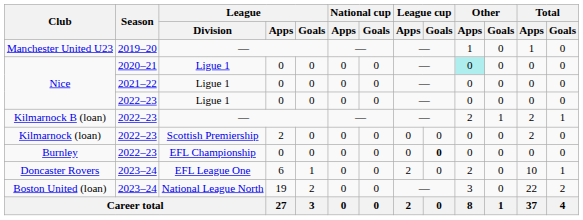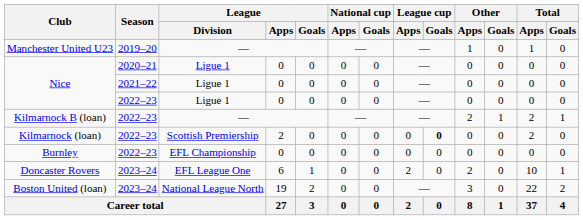 <table class="wikitable" style="text-align:center">
 <tr>
 <th rowspan=2>Club</th>
 <th rowspan=2>Season</th>
 <th colspan=3>League</th>
 <th colspan=2>National cup</th>
 <th colspan=2>League cup</th>
 <th colspan=2>Other</th>
 <th colspan=2>Total</th>
 </tr>
 <tr>
 <th>Division</th>
 <th>Apps</th>
 <th>Goals</th>
 <th>Apps</th>
 <th>Goals</th>
 <th>Apps</th>
 <th>Goals</th>
 <th>Apps</th>
 <th>Goals</th>
 <th>Apps</th>
 <th>Goals</th>
 </tr>
 <tr>
 <td><a href='#'>Manchester United U23</a></td>
 <td><a href='#'>2019–20</a></td>
 <td colspan=3>—</td>
 <td colspan=2>—</td>
 <td colspan=2>—</td>
 <td>1</td>
 <td>0</td>
 <td>1</td>
 <td>0</td>
 </tr>
 <tr>
 <td rowspan="3"><a href='#'>Nice</a></td>
 <td><a href='#'>2020–21</a></td>
 <td><a href='#'>Ligue 1</a></td>
 <td>0</td>
 <td>0</td>
 <td>0</td>
 <td>0</td>
 <td colspan="2">—</td>
-<td style="background: paleturquoise;">0</td>
+<td>0</td>
 <td>0</td>
 <td>0</td>
 <td>0</td>
 </tr>
 <tr>
 <td><a href='#'>2021–22</a></td>
 <td>Ligue 1</td>
 <td>0</td>
 <td>0</td>
 <td>0</td>
 <td>0</td>
 <td colspan="2">—</td>
 <td>0</td>
 <td>0</td>
 <td>0</td>
 <td>0</td>
 </tr>
 <tr>
 <td><a href='#'>2022–23</a></td>
 <td>Ligue 1</td>
 <td>0</td>
 <td>0</td>
 <td>0</td>
 <td>0</td>
 <td colspan="2">—</td>
 <td>0</td>
 <td>0</td>
 <td>0</td>
 <td>0</td>
 </tr>
 <tr>
 <td><a href='#'>Kilmarnock B</a> (loan)</td>
 <td><a href='#'>2022–23</a></td>
 <td colspan=3>—</td>
 <td colspan=2>—</td>
 <td colspan=2>—</td>
 <td>2</td>
 <td>1</td>
 <td>2</td>
 <td>1</td>
 </tr>
 <tr>
 <td><a href='#'>Kilmarnock</a> (loan)</td>
 <td><a href='#'>2022–23</a></td>
 <td><a href='#'>Scottish Premiership</a></td>
 <td>2</td>
 <td>0</td>
 <td>0</td>
 <td>0</td>
 <td>0</td>
-<td>0</td>
+<td><strong>0</strong></td>
 <td>0</td>
 <td>0</td>
 <td>2</td>
 <td>0</td>
 </tr>
 <tr>
 <td><a href='#'>Burnley</a></td>
 <td><a href='#'>2022–23</a></td>
 <td><a href='#'>EFL Championship</a></td>
 <td>0</td>
 <td>0</td>
 <td>0</td>
 <td>0</td>
 <td>0</td>
-<td><strong>0</strong></td>
+<td>0</td>
 <td>0</td>
 <td>0</td>
 <td>0</td>
 <td>0</td>
 </tr>
 <tr>
 <td><a href='#'>Doncaster Rovers</a></td>
 <td><a href='#'>2023–24</a></td>
 <td><a href='#'>EFL League One</a></td>
 <td>6</td>
 <td>1</td>
 <td>0</td>
 <td>0</td>
 <td>2</td>
 <td>0</td>
 <td>2</td>
 <td>0</td>
 <td>10</td>
 <td>1</td>
 </tr>
 <tr>
 <td><a href='#'>Boston United</a> (loan)</td>
 <td><a href='#'>2023–24</a></td>
 <td><a href='#'>National League North</a></td>
 <td>19</td>
 <td>2</td>
 <td>0</td>
 <td>0</td>
 <td colspan="2">—</td>
 <td>3</td>
 <td>0</td>
 <td>22</td>
 <td>2</td>
 </tr>
 <tr>
 <th colspan=3>Career total</th>
 <th>27</th>
 <th>3</th>
 <th>0</th>
 <th>0</th>
 <th>2</th>
 <th>0</th>
 <th>8</th>
 <th>1</th>
 <th>37</th>
 <th>4</th>
 </tr>
 </table>
